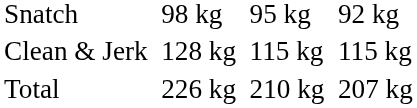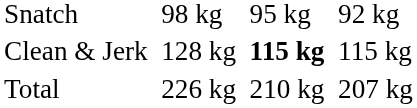 <table>
 <tr>
 <td>Snatch</td>
 <td></td>
 <td>98 kg</td>
 <td></td>
 <td>95 kg</td>
 <td></td>
 <td>92 kg</td>
 </tr>
 <tr>
 <td>Clean & Jerk</td>
 <td></td>
 <td>128 kg</td>
 <td></td>
-<td>115 kg</td>
+<td><strong>115 kg</strong></td>
 <td></td>
 <td>115 kg</td>
 </tr>
 <tr>
 <td>Total</td>
 <td></td>
 <td>226 kg</td>
 <td></td>
 <td>210 kg</td>
 <td></td>
 <td>207 kg</td>
 </tr>
 </table>
